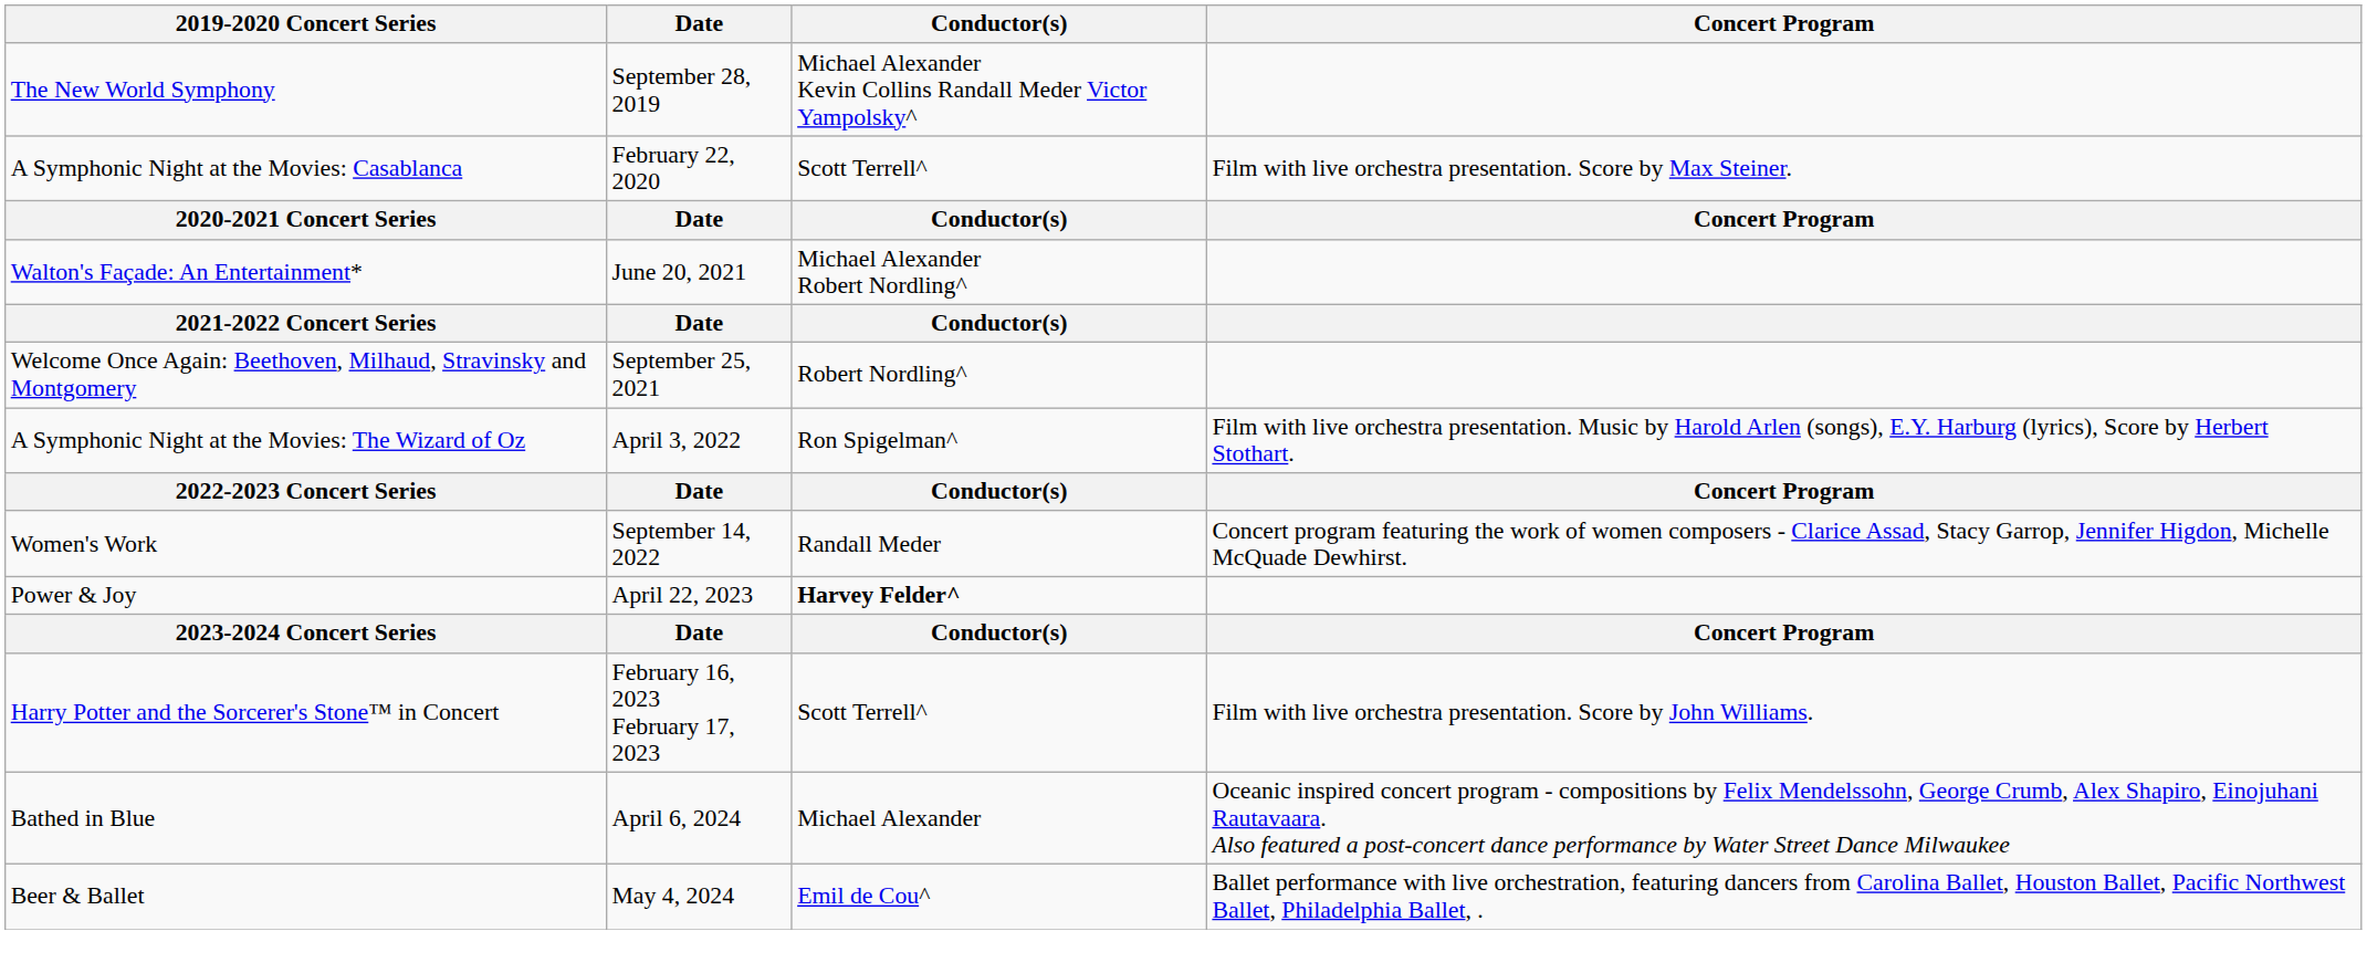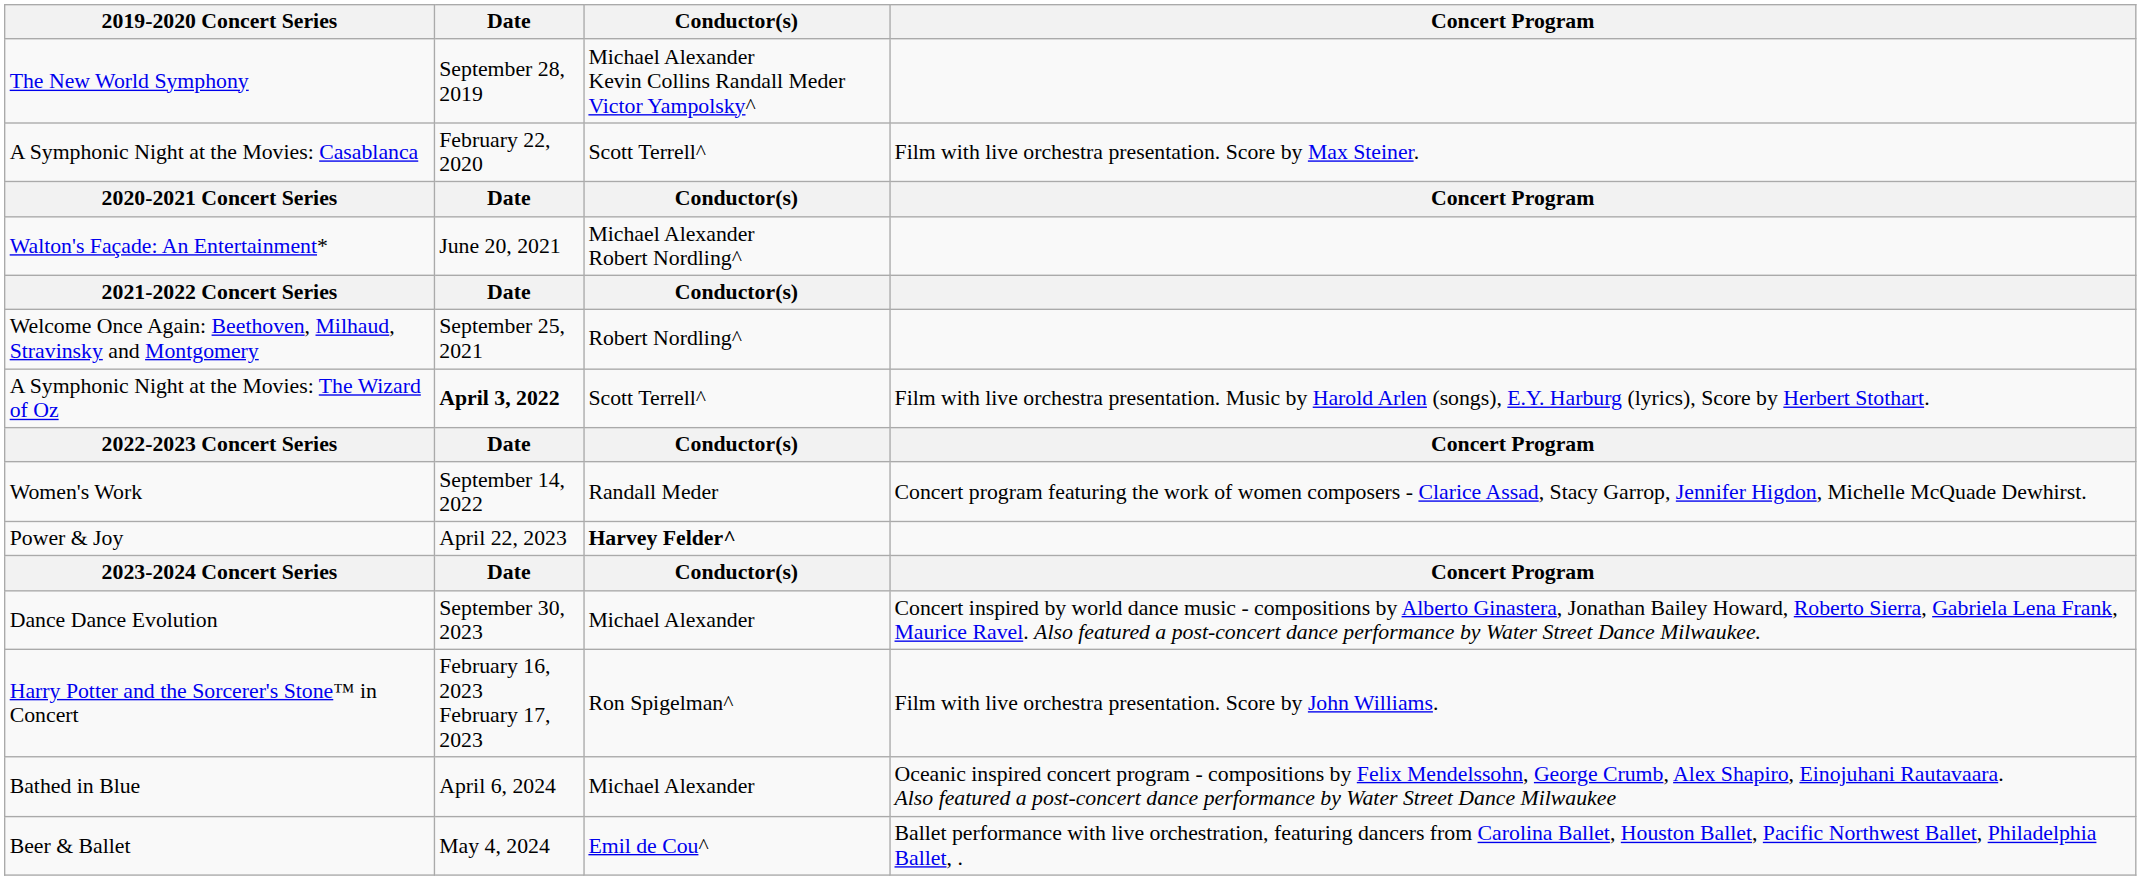 <table class="wikitable sortable mw-collapsible">
 <tr>
 <th>2019-2020 Concert Series</th>
 <th>Date</th>
 <th>Conductor(s)</th>
 <th>Concert Program</th>
 </tr>
 <tr>
 <td><a href='#'>The New World Symphony</a></td>
 <td>September 28, 2019</td>
 <td>Michael Alexander<br>Kevin Collins Randall Meder <a href='#'>Victor Yampolsky</a>^</td>
 <td></td>
 </tr>
 <tr>
 <td>A Symphonic Night at the Movies: <a href='#'>Casablanca</a></td>
 <td>February 22, 2020</td>
 <td>Scott Terrell^</td>
 <td>Film with live orchestra presentation. Score by <a href='#'>Max Steiner</a>.</td>
 </tr>
 <tr>
 <th>2020-2021 Concert Series</th>
 <th>Date</th>
 <th>Conductor(s)</th>
 <th>Concert Program</th>
 </tr>
 <tr>
 <td><a href='#'>Walton's Façade: An Entertainment</a>*</td>
 <td>June 20, 2021</td>
 <td>Michael Alexander<br>Robert Nordling^</td>
 <td></td>
 </tr>
 <tr>
 <th>2021-2022 Concert Series</th>
 <th>Date</th>
 <th>Conductor(s)</th>
 <th></th>
 </tr>
 <tr>
 <td>Welcome Once Again: <a href='#'>Beethoven</a>, <a href='#'>Milhaud</a>, <a href='#'>Stravinsky</a> and <a href='#'>Montgomery</a></td>
 <td>September 25, 2021</td>
 <td>Robert Nordling^</td>
 <td></td>
 </tr>
 <tr>
 <td>A Symphonic Night at the Movies: <a href='#'>The Wizard of Oz</a></td>
-<td>April 3, 2022</td>
-<td>Ron Spigelman^</td>
+<td><strong>April 3, 2022</strong></td>
+<td>Scott Terrell^</td>
 <td>Film with live orchestra presentation. Music by <a href='#'>Harold Arlen</a> (songs), <a href='#'>E.Y. Harburg</a> (lyrics), Score by <a href='#'>Herbert Stothart</a>.</td>
 </tr>
 <tr>
 <th>2022-2023 Concert Series</th>
 <th>Date</th>
 <th>Conductor(s)</th>
 <th>Concert Program</th>
 </tr>
 <tr>
 <td>Women's Work</td>
 <td>September 14, 2022</td>
 <td>Randall Meder</td>
 <td>Concert program featuring the work of women composers - <a href='#'>Clarice Assad</a>, Stacy Garrop, <a href='#'>Jennifer Higdon</a>, Michelle McQuade Dewhirst.</td>
 </tr>
 <tr>
 <td>Power & Joy</td>
 <td>April 22, 2023</td>
 <td><strong>Harvey Felder^</strong></td>
 <td></td>
 </tr>
 <tr>
 <th>2023-2024 Concert Series</th>
 <th>Date</th>
 <th>Conductor(s)</th>
 <th>Concert Program</th>
 </tr>
 <tr>
+<td>Dance Dance Evolution</td>
+<td>September 30, 2023</td>
+<td>Michael Alexander</td>
+<td>Concert inspired by world dance music - compositions by <a href='#'>Alberto Ginastera</a>, Jonathan Bailey Howard, <a href='#'>Roberto Sierra</a>, <a href='#'>Gabriela Lena Frank</a>, <a href='#'>Maurice Ravel</a>. <em>Also featured a post-concert dance performance by Water Street Dance Milwaukee.</em></td>
+</tr>
+<tr>
 <td><a href='#'>Harry Potter and the Sorcerer's Stone</a>™ in Concert</td>
 <td>February 16, 2023<br>February 17, 2023</td>
-<td>Scott Terrell^</td>
+<td>Ron Spigelman^</td>
 <td>Film with live orchestra presentation. Score by <a href='#'>John Williams</a>.</td>
 </tr>
 <tr>
 <td>Bathed in Blue</td>
 <td>April 6, 2024</td>
 <td>Michael Alexander</td>
 <td>Oceanic inspired concert program - compositions by <a href='#'>Felix Mendelssohn</a>, <a href='#'>George Crumb</a>, <a href='#'>Alex Shapiro</a>, <a href='#'>Einojuhani Rautavaara</a>.<br><em>Also featured a post-concert dance performance by Water Street Dance Milwaukee</em></td>
 </tr>
 <tr>
 <td>Beer & Ballet</td>
 <td>May 4, 2024</td>
 <td><a href='#'>Emil de Cou</a>^</td>
 <td>Ballet performance with live orchestration, featuring dancers from <a href='#'>Carolina Ballet</a>, <a href='#'>Houston Ballet</a>, <a href='#'>Pacific Northwest Ballet</a>, <a href='#'>Philadelphia Ballet</a>, .</td>
 </tr>
 </table>
